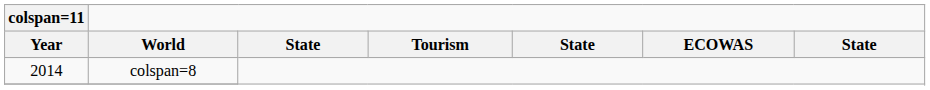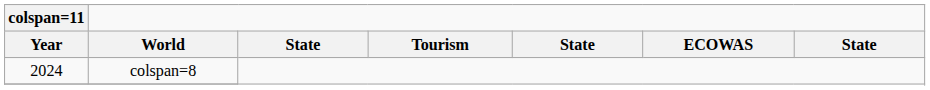 <table class="wikitable sortable" style="font-size: 95%; text-align:center">
 <tr>
 <th>colspan=11 </th>
 </tr>
 <tr>
 <th width="60">Year</th>
 <th width="250">World</th>
 <th width="250">State</th>
 <th width="250">Tourism</th>
 <th width="250">State</th>
 <th width="250">ECOWAS</th>
 <th width="250">State</th>
 </tr>
 <tr>
-<td>2014</td>
+<td>2024</td>
 <td>colspan=8 </td>
 </tr>
 <tr>
 </tr>
 </table>
